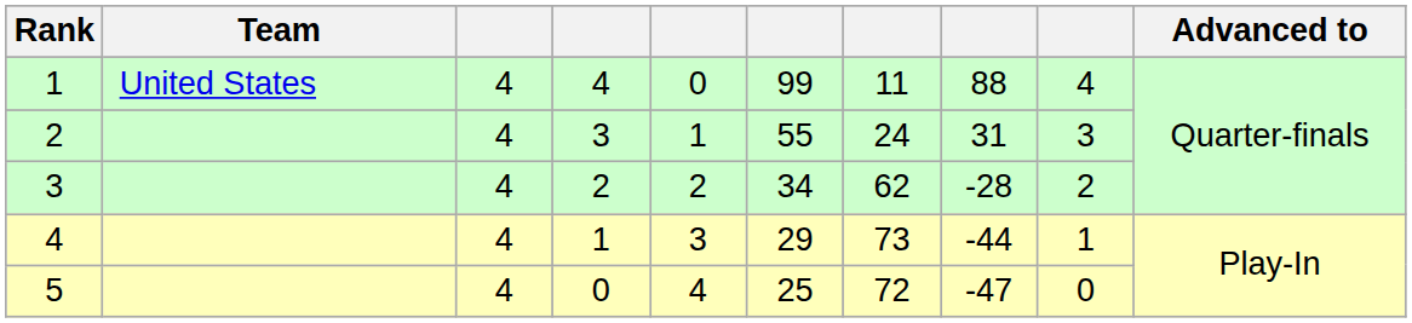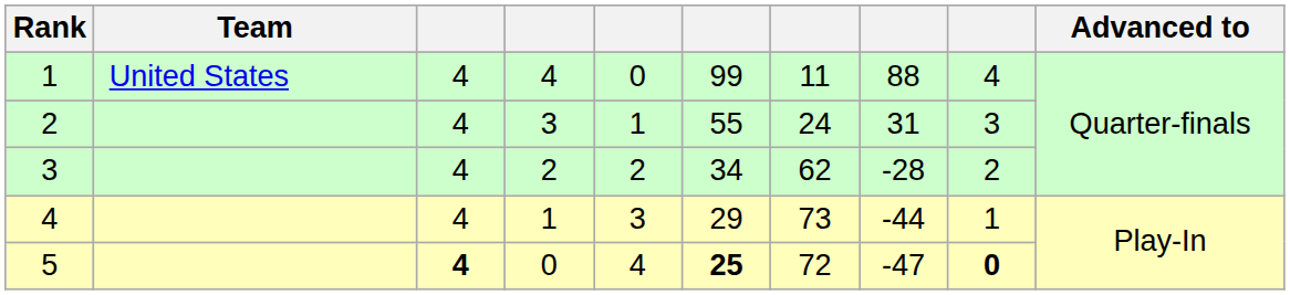 <table class="wikitable" style="text-align:center;">
 <tr>
 <th width=40>Rank</th>
 <th width=165>Team</th>
 <th width=40></th>
 <th width=40></th>
 <th width=40></th>
 <th width=40></th>
 <th width=40></th>
 <th width=40></th>
 <th width=40></th>
 <th width=125>Advanced to</th>
 </tr>
 <tr bgcolor=#ccffcc>
 <td>1</td>
 <td style="text-align:left;"> <a href='#'>United States</a></td>
 <td>4</td>
 <td>4</td>
 <td>0</td>
 <td>99</td>
 <td>11</td>
 <td>88</td>
 <td>4</td>
 <td rowspan="3">Quarter-finals</td>
 </tr>
 <tr bgcolor=#ccffcc>
 <td>2</td>
 <td style="text-align:left;"></td>
 <td>4</td>
 <td>3</td>
 <td>1</td>
 <td>55</td>
 <td>24</td>
 <td>31</td>
 <td>3</td>
 </tr>
 <tr bgcolor=#ccffcc>
 <td>3</td>
 <td style="text-align:left;"></td>
 <td>4</td>
 <td>2</td>
 <td>2</td>
 <td>34</td>
 <td>62</td>
 <td>-28</td>
 <td>2</td>
 </tr>
 <tr bgcolor=#ffffbb>
 <td>4</td>
 <td style="text-align:left;"></td>
 <td>4</td>
 <td>1</td>
 <td>3</td>
 <td>29</td>
 <td>73</td>
 <td>-44</td>
 <td>1</td>
 <td rowspan="2">Play-In</td>
 </tr>
 <tr bgcolor=#ffffbb>
 <td>5</td>
 <td style="text-align:left;"></td>
-<td>4</td>
+<td><strong>4</strong></td>
 <td>0</td>
 <td>4</td>
-<td>25</td>
+<td><strong>25</strong></td>
 <td>72</td>
 <td>-47</td>
-<td>0</td>
+<td><strong>0</strong></td>
 </tr>
 </table>
